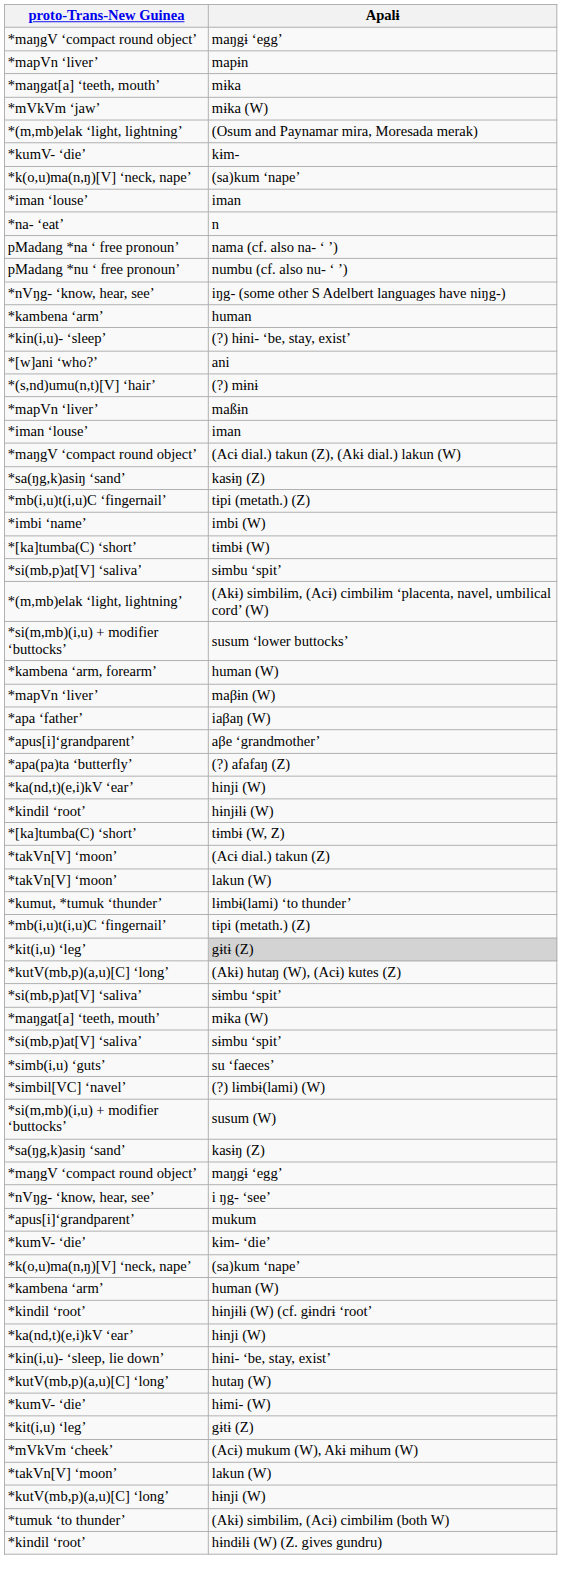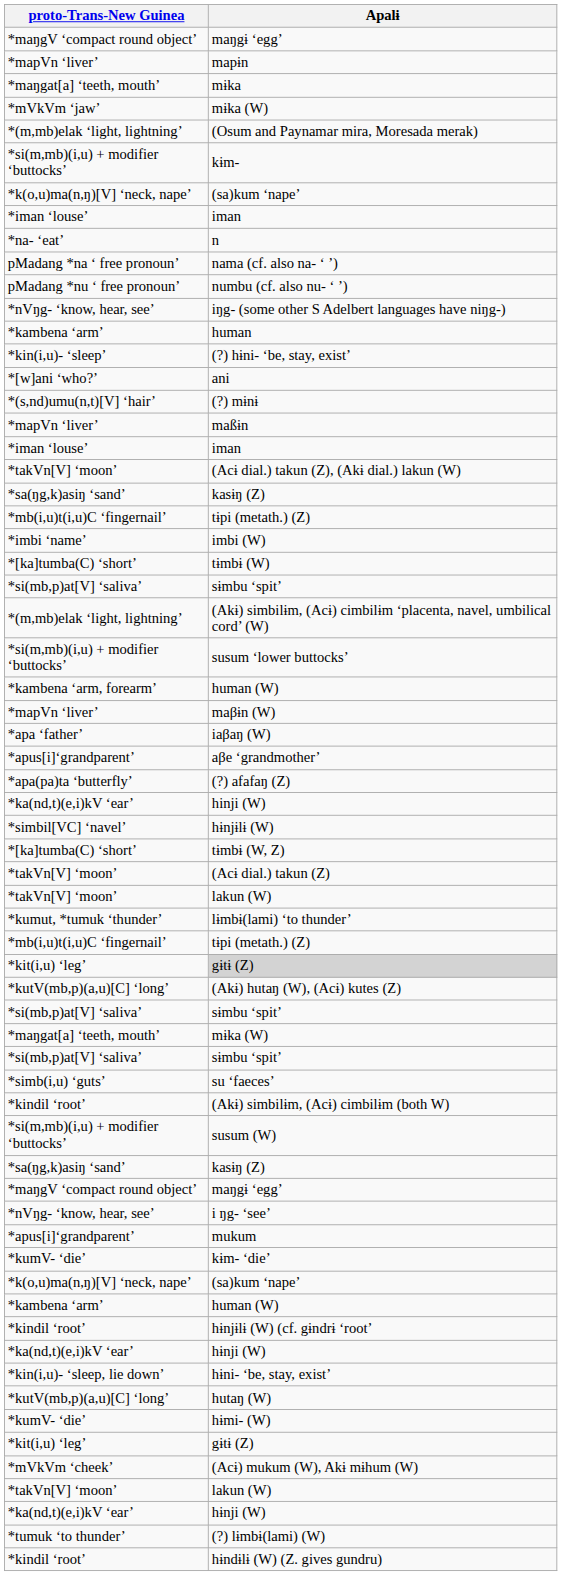 <table class="wikitable sortable">
 <tr>
 <th><a href='#'>proto-Trans-New Guinea</a></th>
 <th>Apalɨ</th>
 </tr>
 <tr>
 <td>*maŋgV ‘compact round object’</td>
 <td>maŋgɨ ‘egg’</td>
 </tr>
 <tr>
 <td>*mapVn ‘liver’</td>
 <td>mapɨn</td>
 </tr>
 <tr>
 <td>*maŋgat[a] ‘teeth, mouth’</td>
 <td>mɨka</td>
 </tr>
 <tr>
 <td>*mVkVm ‘jaw’</td>
 <td>mɨka (W)</td>
 </tr>
 <tr>
 <td>*(m,mb)elak ‘light, lightning’</td>
 <td>(Osum and Paynamar mira, Moresada merak)</td>
 </tr>
 <tr>
-<td>*kumV- ‘die’</td>
+<td>*si(m,mb)(i,u) + modifier ‘buttocks’</td>
 <td>kɨm-</td>
 </tr>
 <tr>
 <td>*k(o,u)ma(n,ŋ)[V] ‘neck, nape’</td>
 <td>(sa)kum ‘nape’</td>
 </tr>
 <tr>
 <td>*iman ‘louse’</td>
 <td>iman</td>
 </tr>
 <tr>
 <td>*na- ‘eat’</td>
 <td>n</td>
 </tr>
 <tr>
 <td>pMadang *na ‘ free pronoun’</td>
 <td>nama (cf. also na- ‘ ’)</td>
 </tr>
 <tr>
 <td>pMadang *nu ‘ free pronoun’</td>
 <td>numbu (cf. also nu- ‘ ’)</td>
 </tr>
 <tr>
 <td>*nVŋg- ‘know, hear, see’</td>
 <td>iŋg- (some other S Adelbert languages have niŋg-)</td>
 </tr>
 <tr>
 <td>*kambena ‘arm’</td>
 <td>human</td>
 </tr>
 <tr>
 <td>*kin(i,u)- ‘sleep’</td>
 <td>(?) hɨni- ‘be, stay, exist’</td>
 </tr>
 <tr>
 <td>*[w]ani ‘who?’</td>
 <td>ani</td>
 </tr>
 <tr>
 <td>*(s,nd)umu(n,t)[V] ‘hair’</td>
 <td>(?) mɨnɨ</td>
 </tr>
 <tr>
 <td>*mapVn ‘liver’</td>
 <td>maßɨn</td>
 </tr>
 <tr>
 <td>*iman ‘louse’</td>
 <td>iman</td>
 </tr>
 <tr>
-<td>*maŋgV ‘compact round object’</td>
+<td>*takVn[V] ‘moon’</td>
 <td>(Acɨ dial.) takun (Z), (Akɨ dial.) lakun (W)</td>
 </tr>
 <tr>
 <td>*sa(ŋg,k)asiŋ ‘sand’</td>
 <td>kasɨŋ (Z)</td>
 </tr>
 <tr>
 <td>*mb(i,u)t(i,u)C ‘fingernail’</td>
 <td>tɨpi (metath.) (Z)</td>
 </tr>
 <tr>
 <td>*imbi ‘name’</td>
 <td>imbi (W)</td>
 </tr>
 <tr>
 <td>*[ka]tumba(C) ‘short’</td>
 <td>tɨmbɨ (W)</td>
 </tr>
 <tr>
 <td>*si(mb,p)at[V] ‘saliva’</td>
 <td>sɨmbu ‘spit’</td>
 </tr>
 <tr>
 <td>*(m,mb)elak ‘light, lightning’</td>
 <td>(Akɨ) simbilɨm, (Acɨ) cimbilɨm ‘placenta, navel, umbilical cord’ (W)</td>
 </tr>
 <tr>
 <td>*si(m,mb)(i,u) + modifier ‘buttocks’</td>
 <td>susum ‘lower buttocks’</td>
 </tr>
 <tr>
 <td>*kambena ‘arm, forearm’</td>
 <td>human (W)</td>
 </tr>
 <tr>
 <td>*mapVn ‘liver’</td>
 <td>maβɨn (W)</td>
 </tr>
 <tr>
 <td>*apa ‘father’</td>
 <td>iaβaŋ (W)</td>
 </tr>
 <tr>
 <td>*apus[i]‘grandparent’</td>
 <td>aβe ‘grandmother’</td>
 </tr>
 <tr>
 <td>*apa(pa)ta ‘butterfly’</td>
 <td>(?) afafaŋ (Z)</td>
 </tr>
 <tr>
 <td>*ka(nd,t)(e,i)kV ‘ear’</td>
 <td>hinji (W)</td>
 </tr>
 <tr>
-<td>*kindil ‘root’</td>
+<td>*simbil[VC] ‘navel’</td>
 <td>hɨnjɨlɨ (W)</td>
 </tr>
 <tr>
 <td>*[ka]tumba(C) ‘short’</td>
 <td>tɨmbɨ (W, Z)</td>
 </tr>
 <tr>
 <td>*takVn[V] ‘moon’</td>
 <td>(Acɨ dial.) takun (Z)</td>
 </tr>
 <tr>
 <td>*takVn[V] ‘moon’</td>
 <td>lakun (W)</td>
 </tr>
 <tr>
 <td>*kumut, *tumuk ‘thunder’</td>
 <td>lɨmbɨ(lami) ‘to thunder’</td>
 </tr>
 <tr>
 <td>*mb(i,u)t(i,u)C ‘fingernail’</td>
 <td>tɨpi (metath.) (Z)</td>
 </tr>
 <tr>
 <td>*kit(i,u) ‘leg’</td>
 <td style="background: lightgrey;">gɨtɨ (Z)</td>
 </tr>
 <tr>
 <td>*kutV(mb,p)(a,u)[C] ‘long’</td>
 <td>(Akɨ) hutaŋ (W), (Acɨ) kutes (Z)</td>
 </tr>
 <tr>
 <td>*si(mb,p)at[V] ‘saliva’</td>
 <td>sɨmbu ‘spit’</td>
 </tr>
 <tr>
 <td>*maŋgat[a] ‘teeth, mouth’</td>
 <td>mɨka (W)</td>
 </tr>
 <tr>
 <td>*si(mb,p)at[V] ‘saliva’</td>
 <td>sɨmbu ‘spit’</td>
 </tr>
 <tr>
 <td>*simb(i,u) ‘guts’</td>
 <td>su ‘faeces’</td>
 </tr>
 <tr>
-<td>*simbil[VC] ‘navel’</td>
-<td>(?) lɨmbɨ(lami) (W)</td>
+<td>*kindil ‘root’</td>
+<td>(Akɨ) simbilɨm, (Acɨ) cimbilɨm (both W)</td>
 </tr>
 <tr>
 <td>*si(m,mb)(i,u) + modifier ‘buttocks’</td>
 <td>susum (W)</td>
 </tr>
 <tr>
 <td>*sa(ŋg,k)asiŋ ‘sand’</td>
 <td>kasɨŋ (Z)</td>
 </tr>
 <tr>
 <td>*maŋgV ‘compact round object’</td>
 <td>maŋgɨ ‘egg’</td>
 </tr>
 <tr>
 <td>*nVŋg- ‘know, hear, see’</td>
 <td>i ŋg- ‘see’</td>
 </tr>
 <tr>
 <td>*apus[i]‘grandparent’</td>
 <td>mukum</td>
 </tr>
 <tr>
 <td>*kumV- ‘die’</td>
 <td>kɨm- ‘die’</td>
 </tr>
 <tr>
 <td>*k(o,u)ma(n,ŋ)[V] ‘neck, nape’</td>
 <td>(sa)kum ‘nape’</td>
 </tr>
 <tr>
 <td>*kambena ‘arm’</td>
 <td>human (W)</td>
 </tr>
 <tr>
 <td>*kindil ‘root’</td>
 <td>hɨnjɨlɨ (W) (cf. gɨndrɨ ‘root’</td>
 </tr>
 <tr>
 <td>*ka(nd,t)(e,i)kV ‘ear’</td>
 <td>hɨnji (W)</td>
 </tr>
 <tr>
 <td>*kin(i,u)- ‘sleep, lie down’</td>
 <td>hɨni- ‘be, stay, exist’</td>
 </tr>
 <tr>
 <td>*kutV(mb,p)(a,u)[C] ‘long’</td>
 <td>hutaŋ (W)</td>
 </tr>
 <tr>
 <td>*kumV- ‘die’</td>
 <td>hɨmi- (W)</td>
 </tr>
 <tr>
 <td>*kit(i,u) ‘leg’</td>
 <td>gɨtɨ (Z)</td>
 </tr>
 <tr>
 <td>*mVkVm ‘cheek’</td>
 <td>(Acɨ) mukum (W), Akɨ mɨhum (W)</td>
 </tr>
 <tr>
 <td>*takVn[V] ‘moon’</td>
 <td>lakun (W)</td>
 </tr>
 <tr>
-<td>*kutV(mb,p)(a,u)[C] ‘long’</td>
+<td>*ka(nd,t)(e,i)kV ‘ear’</td>
 <td>hɨnji (W)</td>
 </tr>
 <tr>
 <td>*tumuk ‘to thunder’</td>
-<td>(Akɨ) simbilɨm, (Acɨ) cimbilɨm (both W)</td>
+<td>(?) lɨmbɨ(lami) (W)</td>
 </tr>
 <tr>
 <td>*kindil ‘root’</td>
 <td>hɨndɨlɨ (W) (Z. gives gundru)</td>
 </tr>
 </table>
